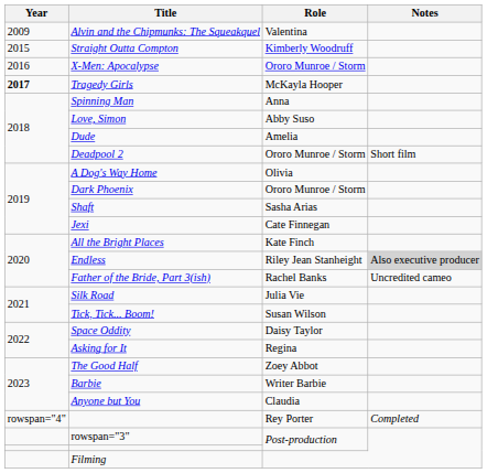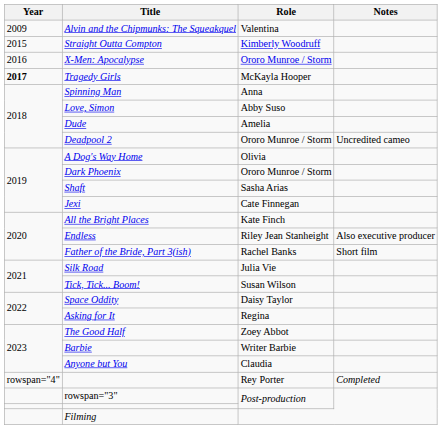 <table class="wikitable sortable">
 <tr>
 <th>Year</th>
 <th>Title</th>
 <th>Role</th>
 <th class="unsortable">Notes</th>
 </tr>
 <tr>
 <td>2009</td>
 <td><em><a href='#'>Alvin and the Chipmunks: The Squeakquel</a></em></td>
 <td>Valentina</td>
 <td></td>
 </tr>
 <tr>
 <td>2015</td>
 <td><em><a href='#'>Straight Outta Compton</a></em></td>
 <td><a href='#'>Kimberly Woodruff</a></td>
 <td></td>
 </tr>
 <tr>
 <td>2016</td>
 <td><em><a href='#'>X-Men: Apocalypse</a></em></td>
 <td><a href='#'>Ororo Munroe / Storm</a></td>
 <td></td>
 </tr>
 <tr>
 <td><strong>2017</strong></td>
 <td><em><a href='#'>Tragedy Girls</a></em></td>
 <td>McKayla Hooper</td>
 <td></td>
 </tr>
 <tr>
 <td rowspan="4">2018</td>
 <td><em><a href='#'>Spinning Man</a></em></td>
 <td>Anna</td>
 <td></td>
 </tr>
 <tr>
 <td><em><a href='#'>Love, Simon</a></em></td>
 <td>Abby Suso</td>
 <td></td>
 </tr>
 <tr>
 <td><em><a href='#'>Dude</a></em></td>
 <td>Amelia</td>
 <td></td>
 </tr>
 <tr>
 <td><em><a href='#'>Deadpool 2</a></em></td>
 <td>Ororo Munroe / Storm</td>
-<td>Short film</td>
+<td>Uncredited cameo</td>
 </tr>
 <tr>
 <td rowspan="4">2019</td>
 <td><em><a href='#'>A Dog's Way Home</a></em></td>
 <td>Olivia</td>
 <td></td>
 </tr>
 <tr>
 <td><em><a href='#'>Dark Phoenix</a></em></td>
 <td>Ororo Munroe / Storm</td>
 <td></td>
 </tr>
 <tr>
 <td><em><a href='#'>Shaft</a></em></td>
 <td>Sasha Arias</td>
 <td></td>
 </tr>
 <tr>
 <td><em><a href='#'>Jexi</a></em></td>
 <td>Cate Finnegan</td>
 <td></td>
 </tr>
 <tr>
 <td rowspan="3">2020</td>
 <td><em><a href='#'>All the Bright Places</a></em></td>
 <td>Kate Finch</td>
 <td></td>
 </tr>
 <tr>
 <td><em><a href='#'>Endless</a></em></td>
 <td>Riley Jean Stanheight</td>
-<td style="background: lightgrey;">Also executive producer</td>
+<td>Also executive producer</td>
 </tr>
 <tr>
 <td><em><a href='#'>Father of the Bride, Part 3(ish)</a></em></td>
 <td>Rachel Banks</td>
-<td>Uncredited cameo</td>
+<td>Short film</td>
 </tr>
 <tr>
 <td rowspan="2">2021</td>
 <td><em><a href='#'>Silk Road</a></em></td>
 <td>Julia Vie</td>
 <td></td>
 </tr>
 <tr>
 <td><em><a href='#'>Tick, Tick... Boom!</a></em></td>
 <td>Susan Wilson</td>
 <td></td>
 </tr>
 <tr>
 <td rowspan="2">2022</td>
 <td><em><a href='#'>Space Oddity</a></em></td>
 <td>Daisy Taylor</td>
 <td></td>
 </tr>
 <tr>
 <td><em><a href='#'>Asking for It</a></em></td>
 <td>Regina</td>
 <td></td>
 </tr>
 <tr>
 <td rowspan="3">2023</td>
 <td><em><a href='#'>The Good Half</a></em></td>
 <td>Zoey Abbot</td>
 <td></td>
 </tr>
 <tr>
 <td><em><a href='#'>Barbie</a></em></td>
 <td>Writer Barbie</td>
 <td></td>
 </tr>
 <tr>
 <td><em><a href='#'>Anyone but You</a></em></td>
 <td>Claudia</td>
 <td></td>
 </tr>
 <tr>
 <td>rowspan="4" </td>
 <td></td>
 <td>Rey Porter</td>
 <td><em>Completed</em></td>
 </tr>
 <tr>
 <td></td>
 <td>rowspan="3" </td>
 <td rowspan="2"><em>Post-production</em></td>
 </tr>
 <tr>
 <td></td>
 </tr>
 <tr>
 <td></td>
 <td><em>Filming</em></td>
 </tr>
 </table>
